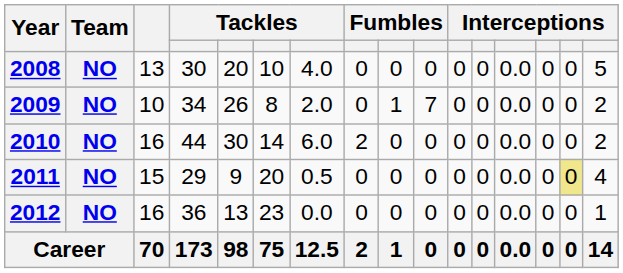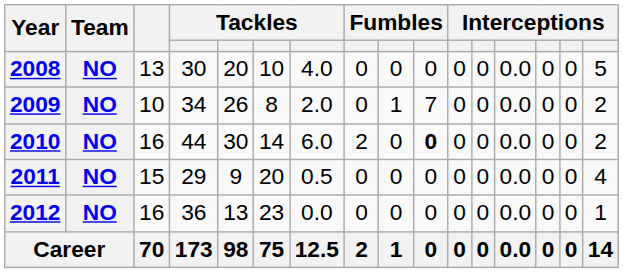 <table class="wikitable" style="text-align: center;">
 <tr>
 <th rowspan="2">Year</th>
 <th rowspan="2">Team</th>
 <th rowspan="2"></th>
 <th colspan="4">Tackles</th>
 <th colspan="3">Fumbles</th>
 <th colspan="6">Interceptions</th>
 </tr>
 <tr>
 <th></th>
 <th></th>
 <th></th>
 <th></th>
 <th></th>
 <th></th>
 <th></th>
 <th></th>
 <th></th>
 <th></th>
 <th></th>
 <th></th>
 <th></th>
 </tr>
 <tr>
 <th><a href='#'>2008</a></th>
 <th><a href='#'>NO</a></th>
 <td>13</td>
 <td>30</td>
 <td>20</td>
 <td>10</td>
 <td>4.0</td>
 <td>0</td>
 <td>0</td>
 <td>0</td>
 <td>0</td>
 <td>0</td>
 <td>0.0</td>
 <td>0</td>
 <td>0</td>
 <td>5</td>
 </tr>
 <tr>
 <th><a href='#'>2009</a></th>
 <th><a href='#'>NO</a></th>
 <td>10</td>
 <td>34</td>
 <td>26</td>
 <td>8</td>
 <td>2.0</td>
 <td>0</td>
 <td>1</td>
 <td>7</td>
 <td>0</td>
 <td>0</td>
 <td>0.0</td>
 <td>0</td>
 <td>0</td>
 <td>2</td>
 </tr>
 <tr>
 <th><a href='#'>2010</a></th>
 <th><a href='#'>NO</a></th>
 <td>16</td>
 <td>44</td>
 <td>30</td>
 <td>14</td>
 <td>6.0</td>
 <td>2</td>
 <td>0</td>
-<td>0</td>
+<td><strong>0</strong></td>
 <td>0</td>
 <td>0</td>
 <td>0.0</td>
 <td>0</td>
 <td>0</td>
 <td>2</td>
 </tr>
 <tr>
 <th><a href='#'>2011</a></th>
 <th><a href='#'>NO</a></th>
 <td>15</td>
 <td>29</td>
 <td>9</td>
 <td>20</td>
 <td>0.5</td>
 <td>0</td>
 <td>0</td>
 <td>0</td>
 <td>0</td>
 <td>0</td>
 <td>0.0</td>
 <td>0</td>
-<td style="background: khaki;">0</td>
+<td>0</td>
 <td>4</td>
 </tr>
 <tr>
 <th><a href='#'>2012</a></th>
 <th><a href='#'>NO</a></th>
 <td>16</td>
 <td>36</td>
 <td>13</td>
 <td>23</td>
 <td>0.0</td>
 <td>0</td>
 <td>0</td>
 <td>0</td>
 <td>0</td>
 <td>0</td>
 <td>0.0</td>
 <td>0</td>
 <td>0</td>
 <td>1</td>
 </tr>
 <tr>
 <th colspan="2">Career</th>
 <th>70</th>
 <th>173</th>
 <th>98</th>
 <th>75</th>
 <th>12.5</th>
 <th>2</th>
 <th>1</th>
 <th>0</th>
 <th>0</th>
 <th>0</th>
 <th>0.0</th>
 <th>0</th>
 <th>0</th>
 <th>14</th>
 </tr>
 </table>
